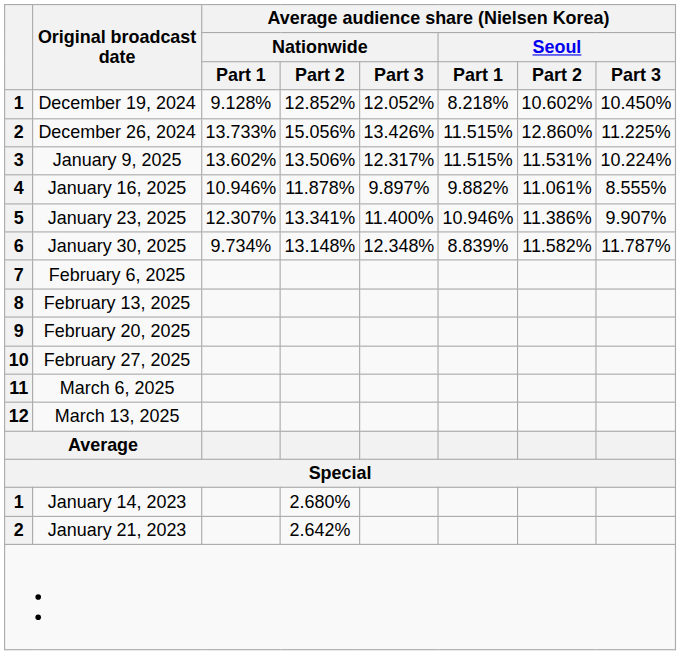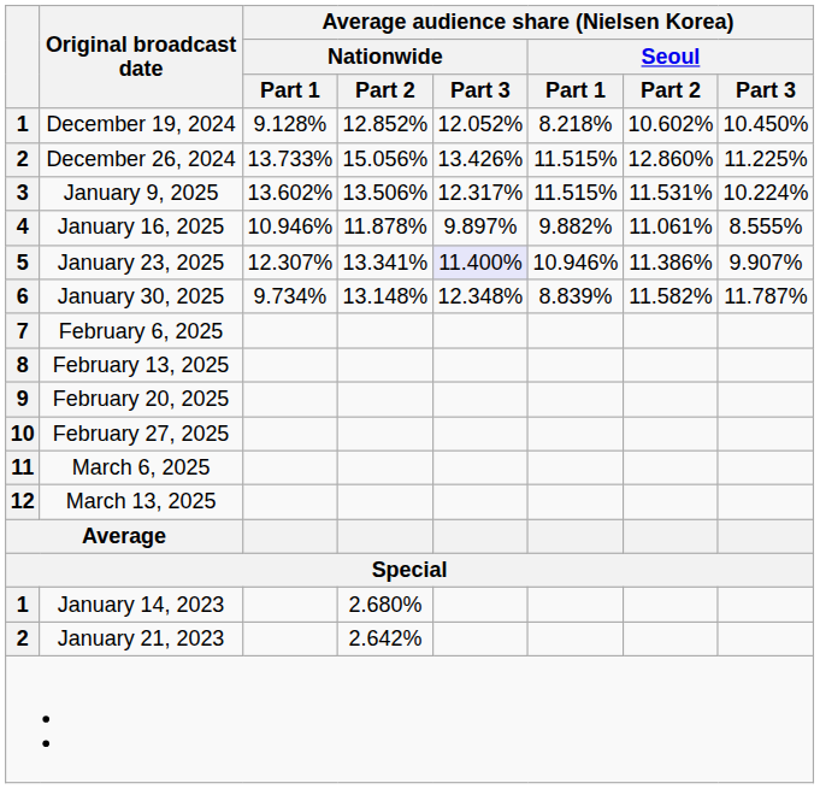 <table class="wikitable" style="text-align:center;max-width:600px; margin-left: auto; margin-right: auto; border: none;">
 <tr>
 <th rowspan=3></th>
 <th rowspan=3>Original broadcast date</th>
 <th colspan=6>Average audience share (Nielsen Korea)</th>
 </tr>
 <tr>
 <th colspan=3>Nationwide</th>
 <th colspan=3><a href='#'>Seoul</a></th>
 </tr>
 <tr>
 <th>Part 1</th>
 <th>Part 2</th>
 <th>Part 3</th>
 <th>Part 1</th>
 <th>Part 2</th>
 <th>Part 3</th>
 </tr>
 <tr>
 <th>1</th>
 <td>December 19, 2024</td>
 <td>9.128%</td>
 <td>12.852%</td>
 <td>12.052%</td>
 <td>8.218%</td>
 <td>10.602%</td>
 <td>10.450%</td>
 </tr>
 <tr>
 <th>2</th>
 <td>December 26, 2024</td>
 <td>13.733%</td>
 <td>15.056%</td>
 <td>13.426%</td>
 <td>11.515%</td>
 <td>12.860%</td>
 <td>11.225%</td>
 </tr>
 <tr>
 <th>3</th>
 <td>January 9, 2025</td>
 <td>13.602%</td>
 <td>13.506%</td>
 <td>12.317%</td>
 <td>11.515%</td>
 <td>11.531%</td>
 <td>10.224%</td>
 </tr>
 <tr>
 <th>4</th>
 <td>January 16, 2025</td>
 <td>10.946%</td>
 <td>11.878%</td>
 <td>9.897%</td>
 <td>9.882%</td>
 <td>11.061%</td>
 <td>8.555%</td>
 </tr>
 <tr>
 <th>5</th>
 <td>January 23, 2025</td>
 <td>12.307%</td>
 <td>13.341%</td>
-<td>11.400%</td>
+<td style="background: lavender;">11.400%</td>
 <td>10.946%</td>
 <td>11.386%</td>
 <td>9.907%</td>
 </tr>
 <tr>
 <th>6</th>
 <td>January 30, 2025</td>
 <td>9.734%</td>
 <td>13.148%</td>
 <td>12.348%</td>
 <td>8.839%</td>
 <td>11.582%</td>
 <td>11.787%</td>
 </tr>
 <tr>
 <th>7</th>
 <td>February 6, 2025</td>
 <td></td>
 <td></td>
 <td></td>
 <td></td>
 <td></td>
 <td></td>
 </tr>
 <tr>
 <th>8</th>
 <td>February 13, 2025</td>
 <td></td>
 <td></td>
 <td></td>
 <td></td>
 <td></td>
 <td></td>
 </tr>
 <tr>
 <th>9</th>
 <td>February 20, 2025</td>
 <td></td>
 <td></td>
 <td></td>
 <td></td>
 <td></td>
 <td></td>
 </tr>
 <tr>
 <th>10</th>
 <td>February 27, 2025</td>
 <td></td>
 <td></td>
 <td></td>
 <td></td>
 <td></td>
 <td></td>
 </tr>
 <tr>
 <th>11</th>
 <td>March 6, 2025</td>
 <td></td>
 <td></td>
 <td></td>
 <td></td>
 <td></td>
 <td></td>
 </tr>
 <tr>
 <th>12</th>
 <td>March 13, 2025</td>
 <td></td>
 <td></td>
 <td></td>
 <td></td>
 <td></td>
 <td></td>
 </tr>
 <tr>
 <th colspan=2>Average</th>
 <th></th>
 <th></th>
 <th></th>
 <th></th>
 <th></th>
 <th></th>
 </tr>
 <tr>
 <th colspan=8>Special</th>
 </tr>
 <tr>
 <th>1</th>
 <td>January 14, 2023</td>
 <td></td>
 <td>2.680%</td>
 <td></td>
 <td></td>
 <td></td>
 <td></td>
 </tr>
 <tr>
 <th>2</th>
 <td>January 21, 2023</td>
 <td></td>
 <td>2.642%</td>
 <td></td>
 <td></td>
 <td></td>
 <td></td>
 </tr>
 <tr>
 <td colspan=8><br><ul><li></li><li></li></ul></td>
 </tr>
 </table>
